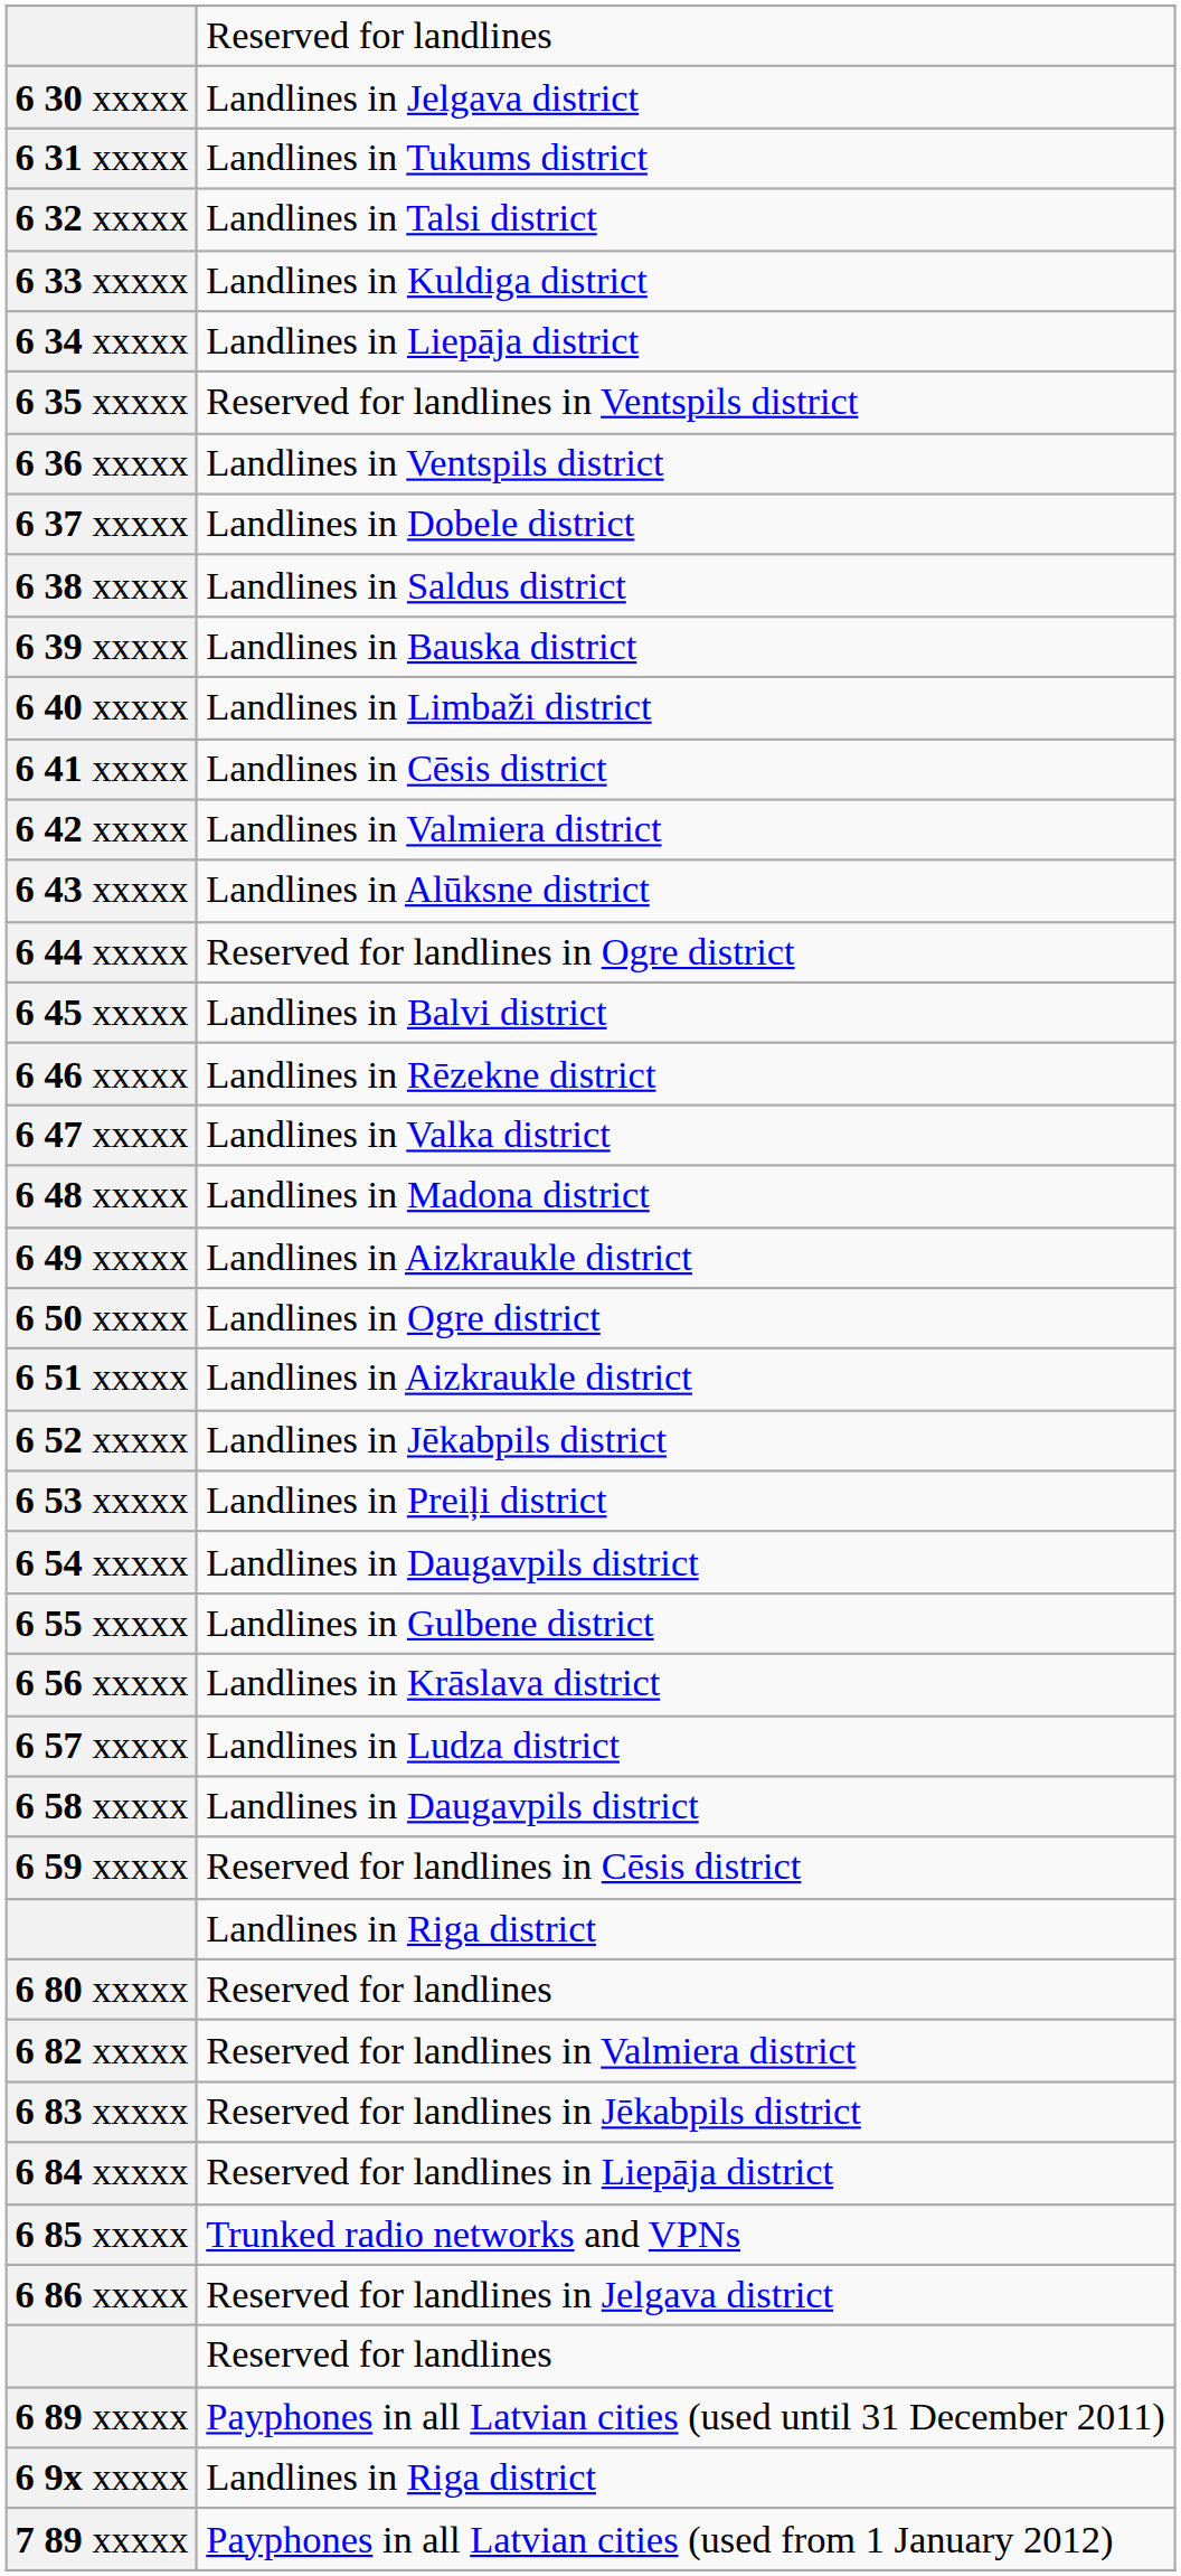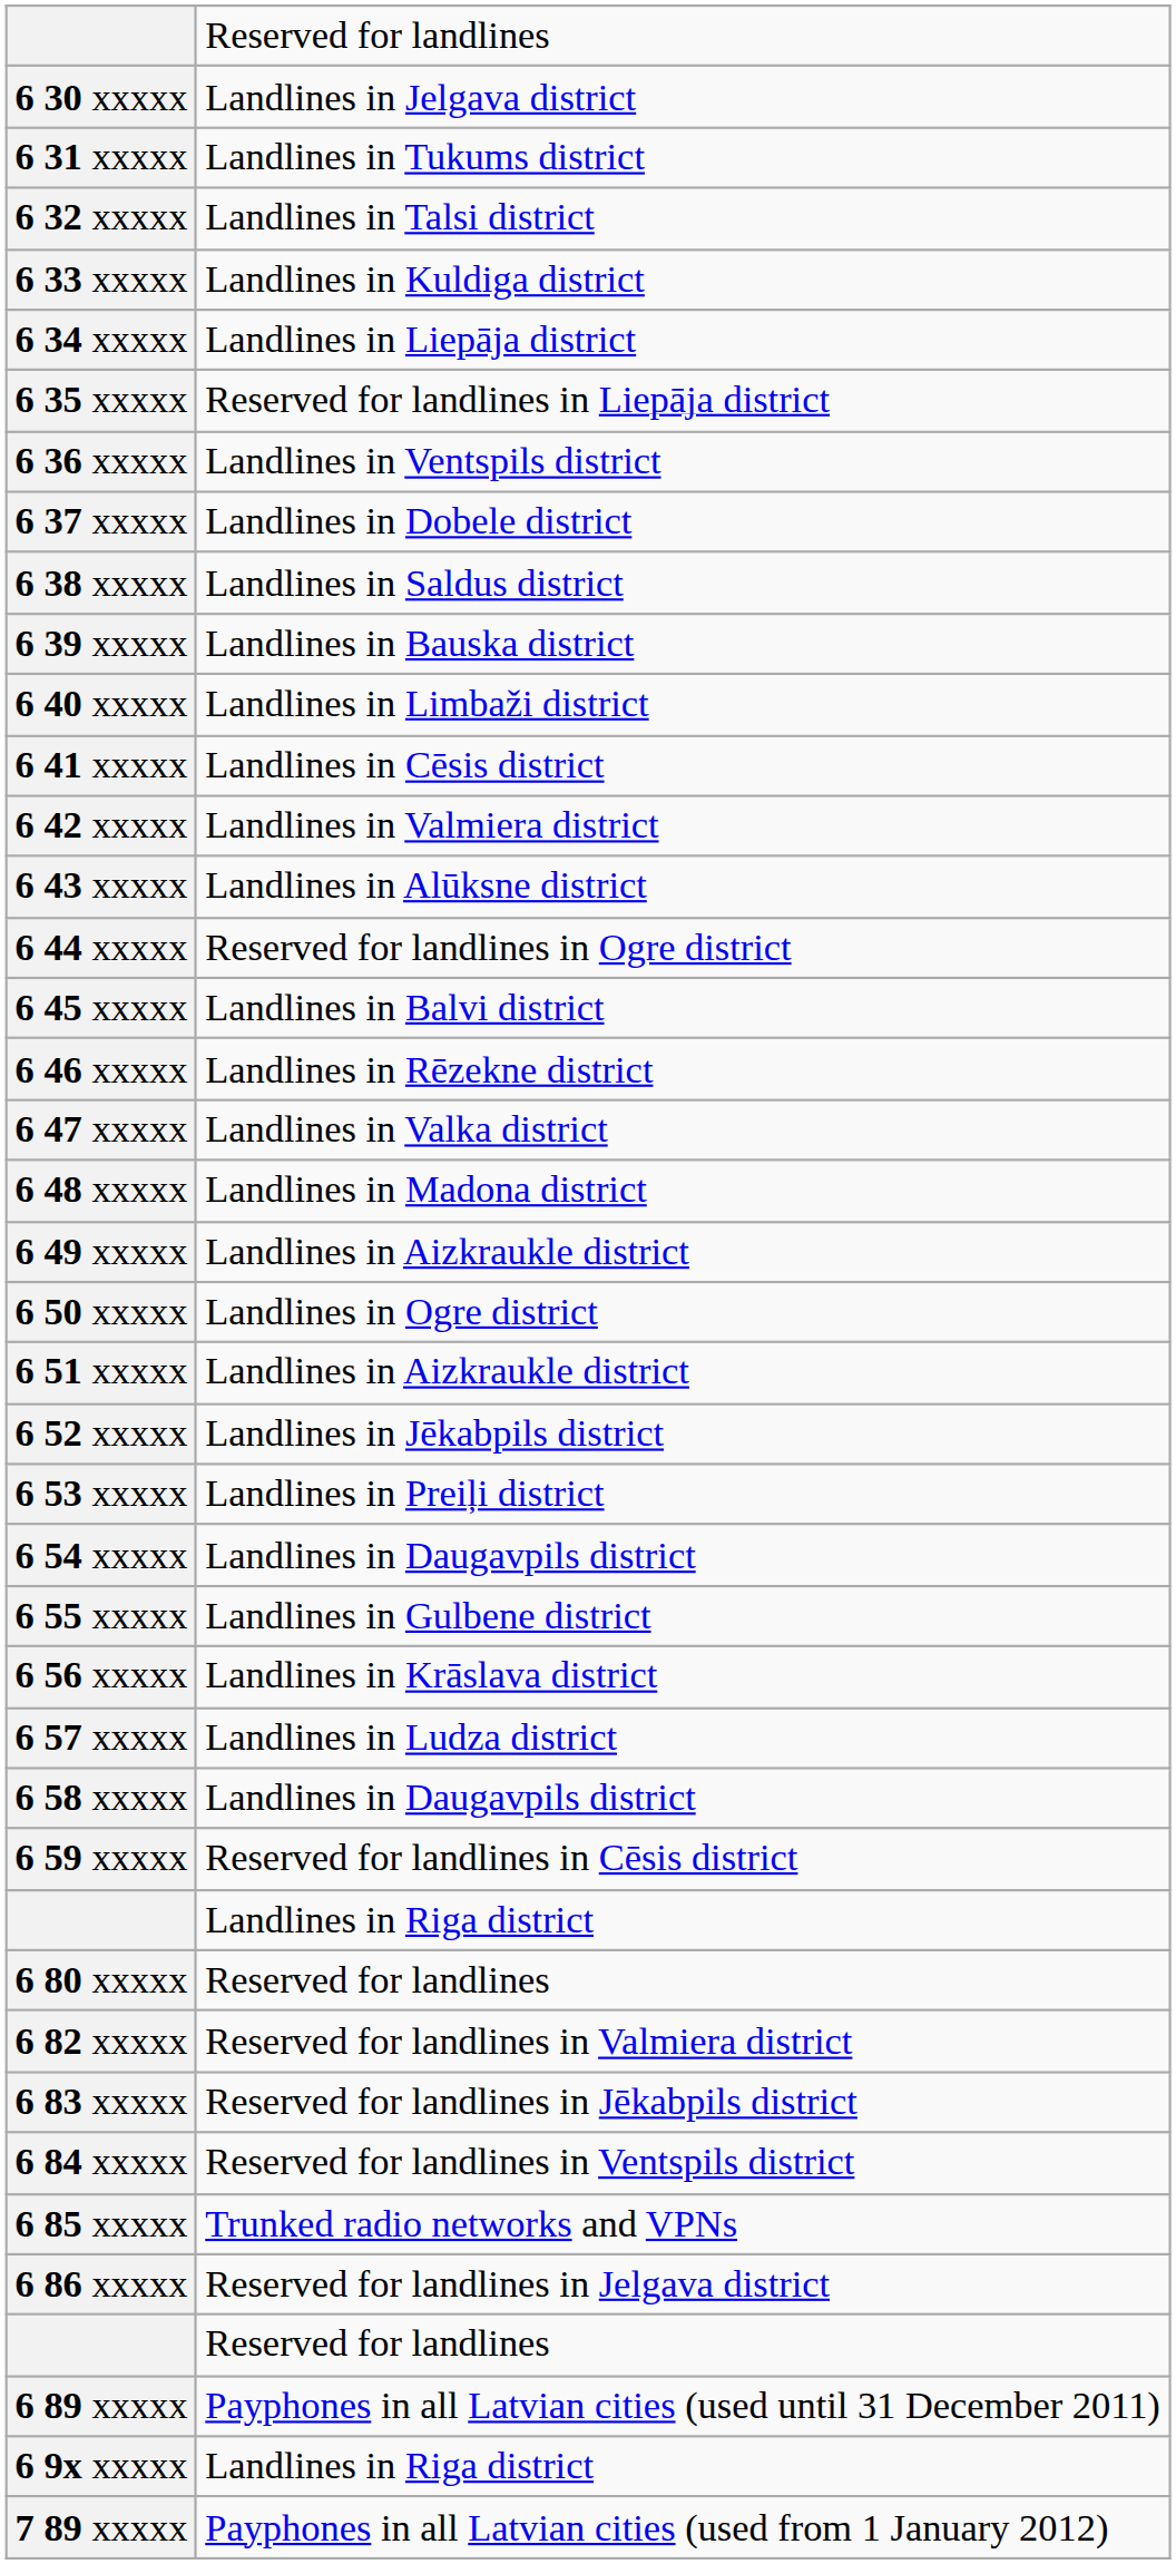 <table class="wikitable" style="width: auto; margin-left: 1.5em;">
 <tr>
 <th scope="row" style="font-weight: normal;"></th>
 <td>Reserved for landlines</td>
 </tr>
 <tr>
 <th scope="row" style="font-weight: normal;"><strong>6 30</strong> xxxxx</th>
 <td>Landlines in <a href='#'>Jelgava district</a></td>
 </tr>
 <tr>
 <th scope="row" style="font-weight: normal;"><strong>6 31</strong> xxxxx</th>
 <td>Landlines in <a href='#'>Tukums district</a></td>
 </tr>
 <tr>
 <th scope="row" style="font-weight: normal;"><strong>6 32</strong> xxxxx</th>
 <td>Landlines in <a href='#'>Talsi district</a></td>
 </tr>
 <tr>
 <th scope="row" style="font-weight: normal;"><strong>6 33</strong> xxxxx</th>
 <td>Landlines in <a href='#'>Kuldiga district</a></td>
 </tr>
 <tr>
 <th scope="row" style="font-weight: normal;"><strong>6 34</strong> xxxxx</th>
 <td>Landlines in <a href='#'>Liepāja district</a></td>
 </tr>
 <tr>
 <th scope="row" style="font-weight: normal;"><strong>6 35</strong> xxxxx</th>
-<td>Reserved for landlines in <a href='#'>Ventspils district</a></td>
+<td>Reserved for landlines in <a href='#'>Liepāja district</a></td>
 </tr>
 <tr>
 <th scope="row" style="font-weight: normal;"><strong>6 36</strong> xxxxx</th>
 <td>Landlines in <a href='#'>Ventspils district</a></td>
 </tr>
 <tr>
 <th scope="row" style="font-weight: normal;"><strong>6 37</strong> xxxxx</th>
 <td>Landlines in <a href='#'>Dobele district</a></td>
 </tr>
 <tr>
 <th scope="row" style="font-weight: normal;"><strong>6 38</strong> xxxxx</th>
 <td>Landlines in <a href='#'>Saldus district</a></td>
 </tr>
 <tr>
 <th scope="row" style="font-weight: normal;"><strong>6 39</strong> xxxxx</th>
 <td>Landlines in <a href='#'>Bauska district</a></td>
 </tr>
 <tr>
 <th scope="row" style="font-weight: normal;"><strong>6 40</strong> xxxxx</th>
 <td>Landlines in <a href='#'>Limbaži district</a></td>
 </tr>
 <tr>
 <th scope="row" style="font-weight: normal;"><strong>6 41</strong> xxxxx</th>
 <td>Landlines in <a href='#'>Cēsis district</a></td>
 </tr>
 <tr>
 <th scope="row" style="font-weight: normal;"><strong>6 42</strong> xxxxx</th>
 <td>Landlines in <a href='#'>Valmiera district</a></td>
 </tr>
 <tr>
 <th scope="row" style="font-weight: normal;"><strong>6 43</strong> xxxxx</th>
 <td>Landlines in <a href='#'>Alūksne district</a></td>
 </tr>
 <tr>
 <th scope="row" style="font-weight: normal;"><strong>6 44</strong> xxxxx</th>
 <td>Reserved for landlines in <a href='#'>Ogre district</a></td>
 </tr>
 <tr>
 <th scope="row" style="font-weight: normal;"><strong>6 45</strong> xxxxx</th>
 <td>Landlines in <a href='#'>Balvi district</a></td>
 </tr>
 <tr>
 <th scope="row" style="font-weight: normal;"><strong>6 46</strong> xxxxx</th>
 <td>Landlines in <a href='#'>Rēzekne district</a></td>
 </tr>
 <tr>
 <th scope="row" style="font-weight: normal;"><strong>6 47</strong> xxxxx</th>
 <td>Landlines in <a href='#'>Valka district</a></td>
 </tr>
 <tr>
 <th scope="row" style="font-weight: normal;"><strong>6 48</strong> xxxxx</th>
 <td>Landlines in <a href='#'>Madona district</a></td>
 </tr>
 <tr>
 <th scope="row" style="font-weight: normal;"><strong>6 49</strong> xxxxx</th>
 <td>Landlines in <a href='#'>Aizkraukle district</a></td>
 </tr>
 <tr>
 <th scope="row" style="font-weight: normal;"><strong>6 50</strong> xxxxx</th>
 <td>Landlines in <a href='#'>Ogre district</a></td>
 </tr>
 <tr>
 <th scope="row" style="font-weight: normal;"><strong>6 51</strong> xxxxx</th>
 <td>Landlines in <a href='#'>Aizkraukle district</a></td>
 </tr>
 <tr>
 <th scope="row" style="font-weight: normal;"><strong>6 52</strong> xxxxx</th>
 <td>Landlines in <a href='#'>Jēkabpils district</a></td>
 </tr>
 <tr>
 <th scope="row" style="font-weight: normal;"><strong>6 53</strong> xxxxx</th>
 <td>Landlines in <a href='#'>Preiļi district</a></td>
 </tr>
 <tr>
 <th scope="row" style="font-weight: normal;"><strong>6 54</strong> xxxxx</th>
 <td>Landlines in <a href='#'>Daugavpils district</a></td>
 </tr>
 <tr>
 <th scope="row" style="font-weight: normal;"><strong>6 55</strong> xxxxx</th>
 <td>Landlines in <a href='#'>Gulbene district</a></td>
 </tr>
 <tr>
 <th scope="row" style="font-weight: normal;"><strong>6 56</strong> xxxxx</th>
 <td>Landlines in <a href='#'>Krāslava district</a></td>
 </tr>
 <tr>
 <th scope="row" style="font-weight: normal;"><strong>6 57</strong> xxxxx</th>
 <td>Landlines in <a href='#'>Ludza district</a></td>
 </tr>
 <tr>
 <th scope="row" style="font-weight: normal;"><strong>6 58</strong> xxxxx</th>
 <td>Landlines in <a href='#'>Daugavpils district</a></td>
 </tr>
 <tr>
 <th scope="row" style="font-weight: normal;"><strong>6 59</strong> xxxxx</th>
 <td>Reserved for landlines in <a href='#'>Cēsis district</a></td>
 </tr>
 <tr>
 <th scope="row" style="font-weight: normal;"></th>
 <td>Landlines in <a href='#'>Riga district</a></td>
 </tr>
 <tr>
 <th scope="row" style="font-weight: normal;"><strong>6 80</strong> xxxxx</th>
 <td>Reserved for landlines</td>
 </tr>
 <tr>
 <th scope="row" style="font-weight: normal;"><strong>6 82</strong> xxxxx</th>
 <td>Reserved for landlines in <a href='#'>Valmiera district</a></td>
 </tr>
 <tr>
 <th scope="row" style="font-weight: normal;"><strong>6 83</strong> xxxxx</th>
 <td>Reserved for landlines in <a href='#'>Jēkabpils district</a></td>
 </tr>
 <tr>
 <th scope="row" style="font-weight: normal;"><strong>6 84</strong> xxxxx</th>
-<td>Reserved for landlines in <a href='#'>Liepāja district</a></td>
+<td>Reserved for landlines in <a href='#'>Ventspils district</a></td>
 </tr>
 <tr>
 <th scope="row" style="font-weight: normal;"><strong>6 85</strong> xxxxx</th>
 <td><a href='#'>Trunked radio networks</a> and <a href='#'>VPNs</a></td>
 </tr>
 <tr>
 <th scope="row" style="font-weight: normal;"><strong>6 86</strong> xxxxx</th>
 <td>Reserved for landlines in <a href='#'>Jelgava district</a></td>
 </tr>
 <tr>
 <th scope="row" style="font-weight: normal;"></th>
 <td>Reserved for landlines</td>
 </tr>
 <tr>
 <th scope="row" style="font-weight: normal;"><strong>6 89</strong> xxxxx</th>
 <td><a href='#'>Payphones</a> in all <a href='#'>Latvian cities</a> (used until 31 December 2011)</td>
 </tr>
 <tr>
 <th scope="row" style="font-weight: normal;"><strong>6 9x</strong> xxxxx</th>
 <td>Landlines in <a href='#'>Riga district</a></td>
 </tr>
 <tr>
 <th scope="row" style="font-weight: normal;"><strong>7 89</strong> xxxxx</th>
 <td><a href='#'>Payphones</a> in all <a href='#'>Latvian cities</a> (used from 1 January 2012)</td>
 </tr>
 </table>
